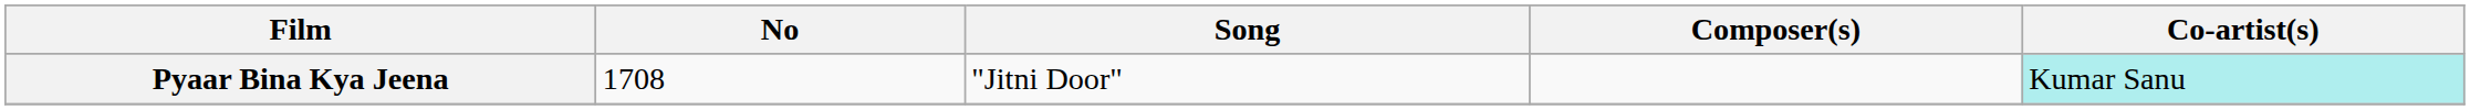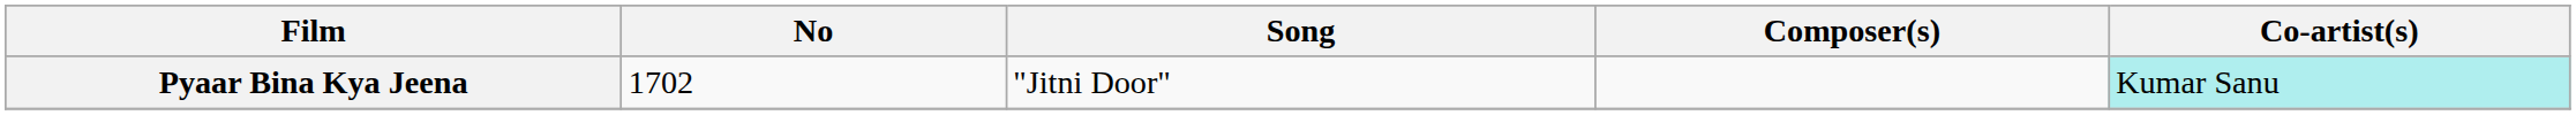 <table class="wikitable plainrowheaders" style="width:100%; textcolor:#000">
 <tr>
 <th scope="col" style="width:24%;">Film</th>
 <th>No</th>
 <th scope="col" style="width:23%;">Song</th>
 <th scope="col" style="width:20%;">Composer(s)</th>
 <th scope="col" style="width:18%;">Co-artist(s)</th>
 </tr>
 <tr>
 <th>Pyaar Bina Kya Jeena</th>
-<td>1708</td>
+<td>1702</td>
 <td>"Jitni Door"</td>
 <td></td>
 <td style="background: paleturquoise;">Kumar Sanu</td>
 </tr>
 <tr>
 </tr>
 </table>
